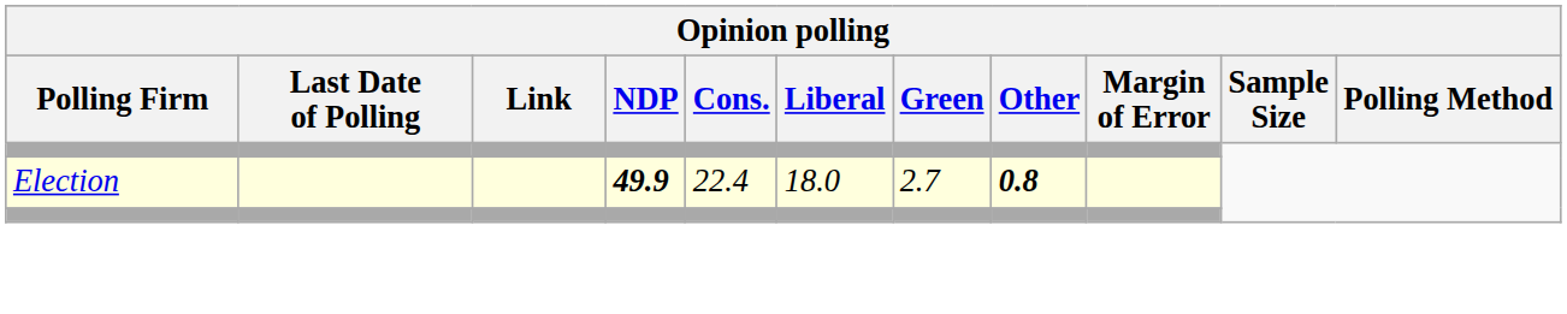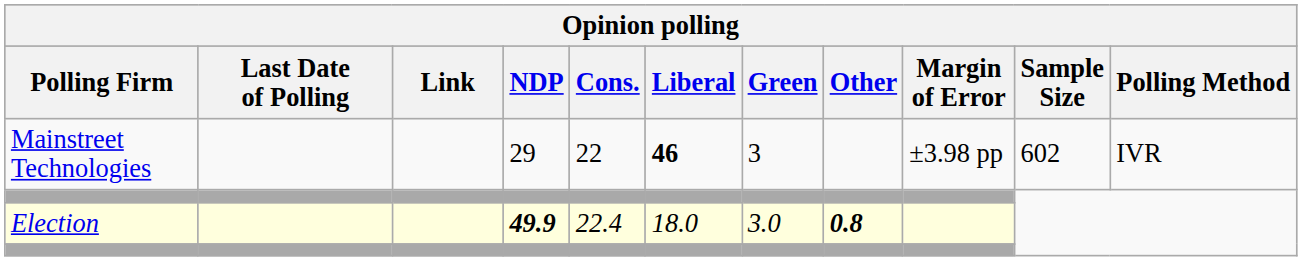 <table class="wikitable collapsible sortable collapsed">
 <tr style="background:#e9e9e9;">
 <th style="width:640px,;" colspan="11">Opinion polling</th>
 </tr>
 <tr style="background:#e9e9e9;">
 <th style="width:110px">Polling Firm</th>
 <th style="width:110px">Last Date<br>of Polling</th>
 <th style="width:60px" class="unsortable">Link</th>
 <th style="background-color:"><a href='#'>NDP</a></th>
 <th style="background-color:"><a href='#'>Cons.</a></th>
 <th style="background-color:"><a href='#'>Liberal</a></th>
 <th style="background-color:"><a href='#'>Green</a></th>
 <th style="background-color:"><a href='#'>Other</a></th>
 <th style="width:60px;" class=unsortable>Margin<br>of Error</th>
 <th style="width:50px;" class=unsortable>Sample<br>Size</th>
 <th class=unsortable>Polling Method</th>
+</tr>
+<tr>
+<td><a href='#'>Mainstreet Technologies</a></td>
+<td></td>
+<td></td>
+<td>29</td>
+<td>22</td>
+<td><strong>46</strong></td>
+<td>3</td>
+<td></td>
+<td>±3.98 pp</td>
+<td>602</td>
+<td>IVR</td>
 </tr>
 <tr style="background:Darkgrey;">
 <td></td>
 <td></td>
 <td></td>
 <td></td>
 <td></td>
 <td></td>
 <td></td>
 <td></td>
 <td></td>
 </tr>
 <tr>
 <td style="background:#ffd;"><em><a href='#'>Election</a></em></td>
 <td style="background:#ffd;"></td>
 <td style="background:#ffd;"></td>
 <td style="background:#ffd;"><strong><em>49.9</em></strong></td>
 <td style="background:#ffd;"><em>22.4</em></td>
 <td style="background:#ffd;"><em>18.0</em></td>
-<td style="background:#ffd;"><em>2.7</em></td>
+<td style="background:#ffd;"><em>3.0</em></td>
 <td style="background:#ffd;"><strong><em>0.8</em></strong></td>
 <td style="background:#ffd;"></td>
 </tr>
 <tr style="background:Darkgrey;">
 <td></td>
 <td></td>
 <td></td>
 <td></td>
 <td></td>
 <td></td>
 <td></td>
 <td></td>
 <td></td>
 </tr>
 </table>
